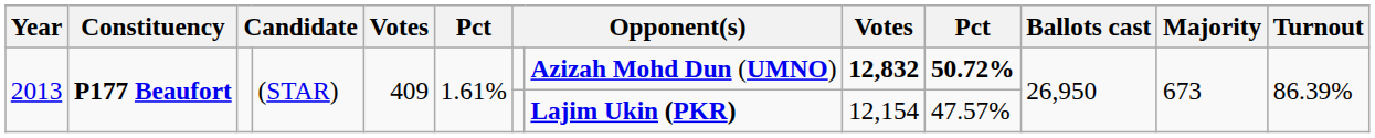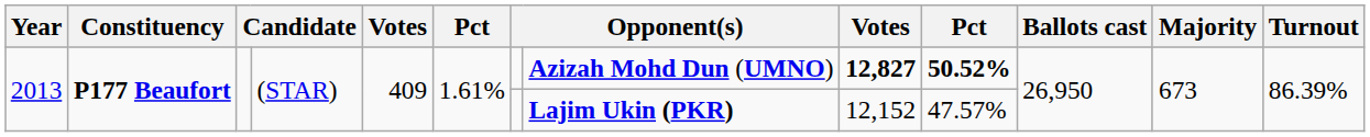 <table class="wikitable" style="margin:0.5em ; font-size:95%">
 <tr>
 <th>Year</th>
 <th>Constituency</th>
 <th colspan=2>Candidate</th>
 <th>Votes</th>
 <th>Pct</th>
 <th colspan=2>Opponent(s)</th>
 <th>Votes</th>
 <th>Pct</th>
 <th>Ballots cast</th>
 <th>Majority</th>
 <th>Turnout</th>
 </tr>
 <tr>
 <td rowspan=2><a href='#'>2013</a></td>
 <td rowspan=2><strong>P177 <a href='#'>Beaufort</a></strong></td>
 <td rowspan=2 ></td>
 <td rowspan=2> (<a href='#'>STAR</a>)</td>
 <td rowspan=2 align="right">409</td>
 <td rowspan=2>1.61%</td>
 <td></td>
 <td><strong><a href='#'>Azizah Mohd Dun</a></strong> (<a href='#'><strong>UMNO</strong></a>)</td>
-<td align="right"><strong>12,832</strong></td>
-<td><strong>50.72%</strong></td>
+<td align="right"><strong>12,827</strong></td>
+<td><strong>50.52%</strong></td>
 <td rowspan=2>26,950</td>
 <td rowspan=2>673</td>
 <td rowspan=2>86.39%</td>
 </tr>
 <tr>
 <td></td>
 <td><strong><a href='#'>Lajim Ukin</a> (<a href='#'>PKR</a>)</strong></td>
-<td align="right">12,154</td>
+<td align="right">12,152</td>
 <td>47.57%</td>
 </tr>
 </table>
